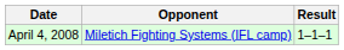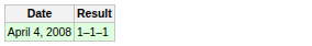 <table class="wikitable">
 <tr>
 <th>Date</th>
-<th>Opponent</th>
 <th>Result</th>
 </tr>
 <tr style="background: #ddffdd;">
 <td>April 4, 2008</td>
-<td><a href='#'>Miletich Fighting Systems (IFL camp)</a></td>
 <td>1–1–1</td>
 </tr>
 </table>
